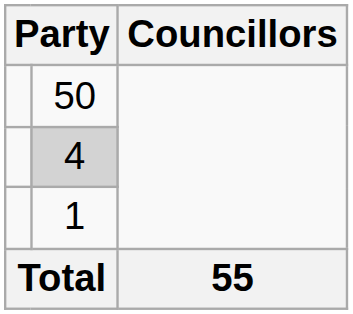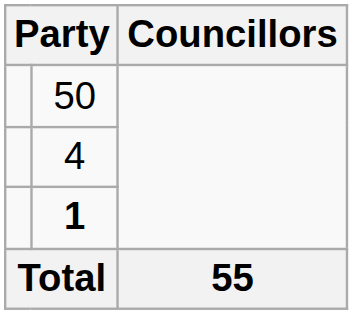 <table class="wikitable">
 <tr>
 <th colspan=2>Party</th>
 <th>Councillors</th>
 </tr>
 <tr>
 <td></td>
 <td align=center>50</td>
 </tr>
 <tr>
 <td></td>
-<td align=center style="background: lightgrey;">4</td>
+<td align=center>4</td>
 </tr>
 <tr>
 <td></td>
-<td align=center>1</td>
+<td align=center><strong>1</strong></td>
 </tr>
 <tr>
 <th colspan=2>Total</th>
 <th>55</th>
 </tr>
 </table>
